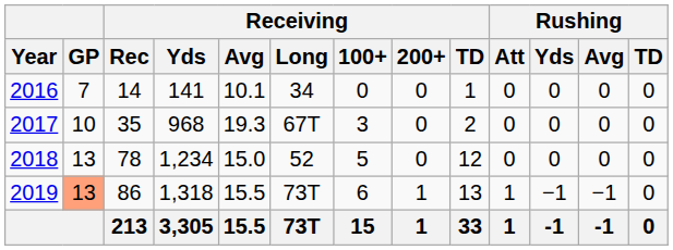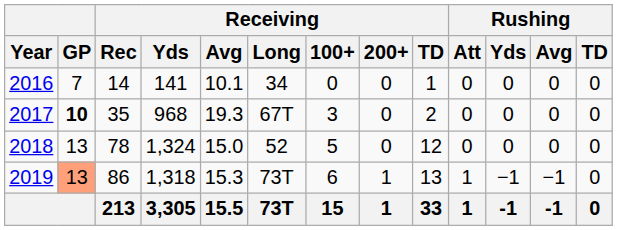 <table class="wikitable" style="text-align:center;">
 <tr>
 <th colspan="2"></th>
 <th colspan="7">Receiving</th>
 <th colspan="4">Rushing</th>
 </tr>
 <tr>
 <th>Year</th>
 <th>GP</th>
 <th>Rec</th>
 <th>Yds</th>
 <th>Avg</th>
 <th>Long</th>
 <th>100+</th>
 <th>200+</th>
 <th>TD</th>
 <th>Att</th>
 <th>Yds</th>
 <th>Avg</th>
 <th>TD</th>
 </tr>
 <tr>
 <td><a href='#'>2016</a></td>
 <td>7</td>
 <td>14</td>
 <td>141</td>
 <td>10.1</td>
 <td>34</td>
 <td>0</td>
 <td>0</td>
 <td>1</td>
 <td>0</td>
 <td>0</td>
 <td>0</td>
 <td>0</td>
 </tr>
 <tr>
 <td><a href='#'>2017</a></td>
-<td>10</td>
+<td><strong>10</strong></td>
 <td>35</td>
 <td>968</td>
 <td>19.3</td>
 <td>67T</td>
 <td>3</td>
 <td>0</td>
 <td>2</td>
 <td>0</td>
 <td>0</td>
 <td>0</td>
 <td>0</td>
 </tr>
 <tr>
 <td><a href='#'>2018</a></td>
 <td>13</td>
 <td>78</td>
-<td>1,234</td>
+<td>1,324</td>
 <td>15.0</td>
 <td>52</td>
 <td>5</td>
 <td>0</td>
 <td>12</td>
 <td>0</td>
 <td>0</td>
 <td>0</td>
 <td>0</td>
 </tr>
 <tr>
 <td><a href='#'>2019</a></td>
 <td style="background: lightsalmon;">13</td>
 <td>86</td>
 <td>1,318</td>
-<td>15.5</td>
+<td>15.3</td>
 <td>73T</td>
 <td>6</td>
 <td>1</td>
 <td>13</td>
 <td>1</td>
 <td>−1</td>
 <td>−1</td>
 <td>0</td>
 </tr>
 <tr>
 <th colspan="2"></th>
 <th>213</th>
 <th>3,305</th>
 <th>15.5</th>
 <th>73T</th>
 <th>15</th>
 <th>1</th>
 <th>33</th>
 <th>1</th>
 <th>-1</th>
 <th>-1</th>
 <th>0</th>
 </tr>
 </table>
